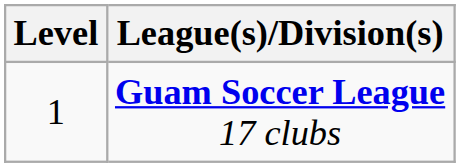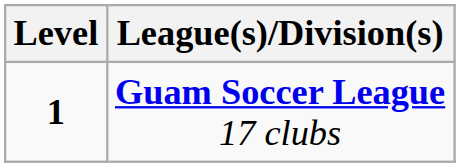 <table class="wikitable" style="text-align: center;">
 <tr>
 <th>Level</th>
 <th colspan="12">League(s)/Division(s)</th>
 </tr>
 <tr>
-<td>1</td>
+<td><strong>1</strong></td>
 <td colspan="12"><strong><a href='#'>Guam Soccer League</a></strong><br><em>17 clubs</em></td>
 </tr>
 </table>
